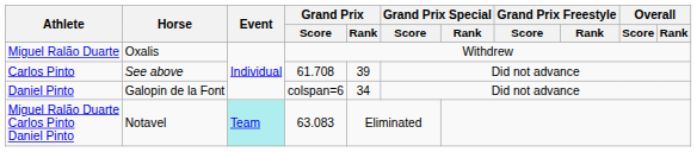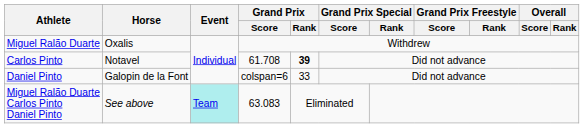 <table class=wikitable style="font-size:90%">
 <tr>
 <th rowspan="2">Athlete</th>
 <th rowspan="2">Horse</th>
 <th rowspan="2">Event</th>
 <th colspan="2">Grand Prix</th>
 <th colspan="2">Grand Prix Special</th>
 <th colspan="2">Grand Prix Freestyle</th>
 <th colspan="2">Overall</th>
 </tr>
 <tr style="font-size:95%">
 <th>Score</th>
 <th>Rank</th>
 <th>Score</th>
 <th>Rank</th>
 <th>Score</th>
 <th>Rank</th>
 <th>Score</th>
 <th>Rank</th>
 </tr>
 <tr align=center>
 <td align=left><a href='#'>Miguel Ralão Duarte</a></td>
 <td align=left>Oxalis</td>
 <td align=left rowspan=3><a href='#'>Individual</a></td>
 <td colspan=8>Withdrew</td>
 </tr>
 <tr align=center>
 <td align=left><a href='#'>Carlos Pinto</a></td>
-<td align=left><em>See above</em></td>
+<td align=left>Notavel</td>
 <td>61.708</td>
-<td>39</td>
+<td><strong>39</strong></td>
 <td colspan=6>Did not advance</td>
 </tr>
 <tr align=center>
 <td align=left><a href='#'>Daniel Pinto</a></td>
 <td align=left>Galopin de la Font</td>
 <td>colspan=6 </td>
-<td>34</td>
+<td>33</td>
 <td colspan=6>Did not advance</td>
 </tr>
 <tr align=center>
 <td align=left><a href='#'>Miguel Ralão Duarte</a><br><a href='#'>Carlos Pinto</a><br><a href='#'>Daniel Pinto</a></td>
-<td align=left>Notavel</td>
+<td align=left><em>See above</em></td>
 <td align=left style="background: paleturquoise;"><a href='#'>Team</a></td>
 <td>63.083</td>
 <td colspan=2>Eliminated</td>
 </tr>
 </table>
